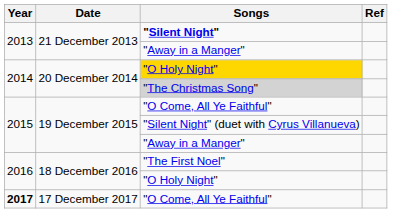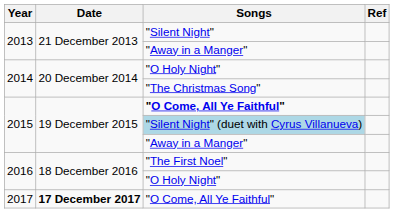 <table class="wikitable">
 <tr>
 <th>Year</th>
 <th>Date</th>
 <th>Songs</th>
 <th>Ref</th>
 </tr>
 <tr>
 <td Rowspan="2">2013</td>
 <td Rowspan="2">21 December 2013</td>
-<td><strong>"<a href='#'>Silent Night</a>"</strong></td>
+<td>"<a href='#'>Silent Night</a>"</td>
 <td></td>
 </tr>
 <tr>
 <td>"<a href='#'>Away in a Manger</a>"</td>
 <td></td>
 </tr>
 <tr>
 <td Rowspan="2">2014</td>
 <td Rowspan="2">20 December 2014</td>
-<td style="background: gold;">"<a href='#'>O Holy Night</a>"</td>
+<td>"<a href='#'>O Holy Night</a>"</td>
 <td></td>
 </tr>
 <tr>
-<td style="background: lightgrey;">"<a href='#'>The Christmas Song</a>"</td>
+<td>"<a href='#'>The Christmas Song</a>"</td>
 <td></td>
 </tr>
 <tr>
 <td Rowspan="3">2015</td>
 <td Rowspan="3">19 December 2015</td>
-<td>"<a href='#'>O Come, All Ye Faithful</a>"</td>
+<td><strong>"<a href='#'>O Come, All Ye Faithful</a>"</strong></td>
 <td></td>
 </tr>
 <tr>
-<td>"<a href='#'>Silent Night</a>" (duet with <a href='#'>Cyrus Villanueva</a>)</td>
+<td style="background: lightblue;">"<a href='#'>Silent Night</a>" (duet with <a href='#'>Cyrus Villanueva</a>)</td>
 <td></td>
 </tr>
 <tr>
 <td>"<a href='#'>Away in a Manger</a>"</td>
 <td></td>
 </tr>
 <tr>
 <td Rowspan="2">2016</td>
 <td Rowspan="2">18 December 2016</td>
 <td>"<a href='#'>The First Noel</a>"</td>
 <td></td>
 </tr>
 <tr>
 <td>"<a href='#'>O Holy Night</a>"</td>
 <td></td>
 </tr>
 <tr>
-<td><strong>2017</strong></td>
-<td>17 December 2017</td>
+<td>2017</td>
+<td><strong>17 December 2017</strong></td>
 <td>"<a href='#'>O Come, All Ye Faithful</a>"</td>
 <td></td>
 </tr>
 </table>
